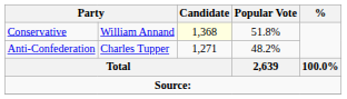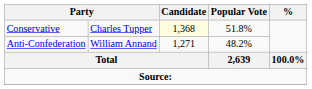 <table class="wikitable">
 <tr>
 <th colspan="2">Party</th>
 <th>Candidate</th>
 <th>Popular Vote</th>
 <th>%</th>
 </tr>
 <tr>
 <td><a href='#'>Conservative</a></td>
-<td><a href='#'>William Annand</a></td>
+<td> <a href='#'>Charles Tupper</a></td>
 <td align=center style="background: lightyellow;">1,368</td>
 <td align=center>51.8%</td>
 </tr>
 <tr>
 <td><a href='#'>Anti-Confederation</a></td>
-<td> <a href='#'>Charles Tupper</a></td>
+<td><a href='#'>William Annand</a></td>
 <td align=center>1,271</td>
 <td align=center>48.2%</td>
 </tr>
 <tr>
 <th colspan=3 align=center>Total</th>
 <th align=right>2,639</th>
 <th align=right>100.0%</th>
 </tr>
 <tr>
 <td align="center" colspan=5><strong>Source:</strong> </td>
 </tr>
 <tr>
 </tr>
 </table>
